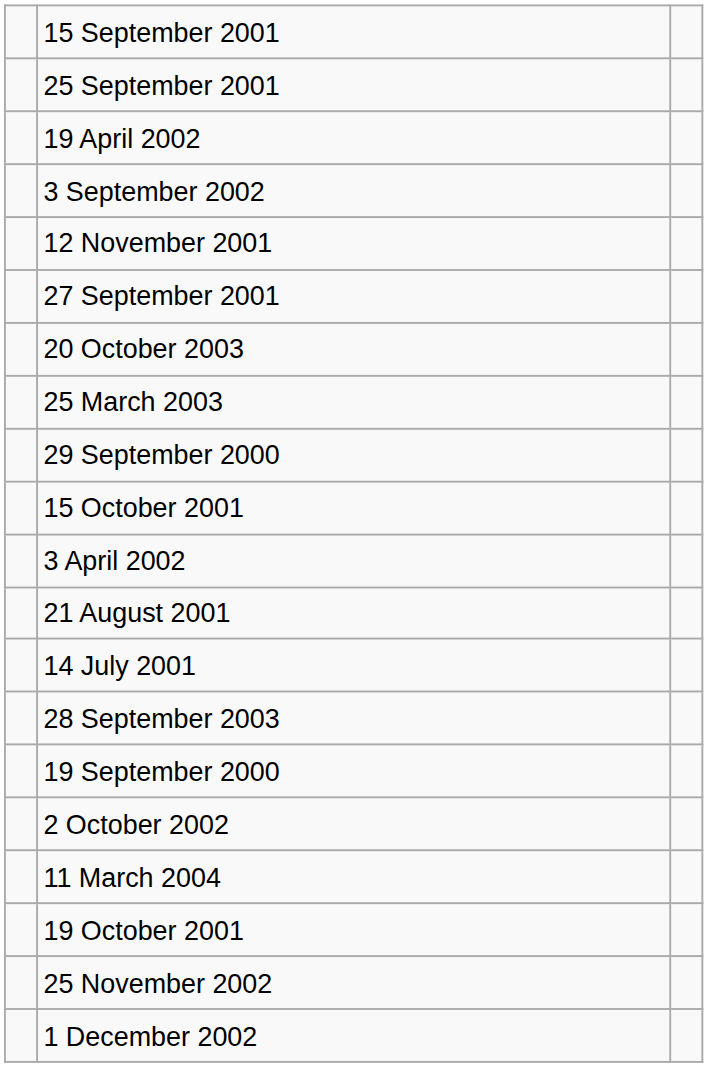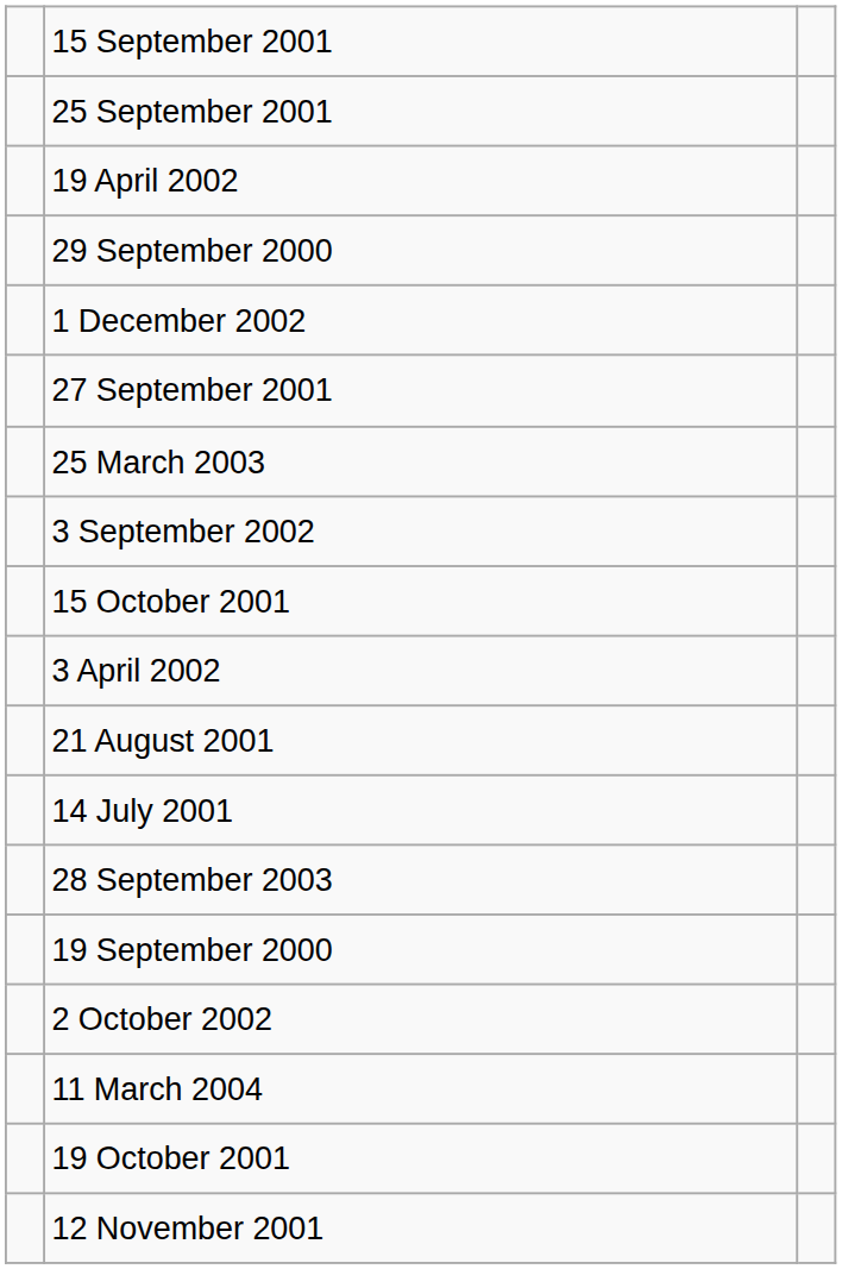 <table class="wikitable" style="font-size: 89%; float: left; width: 26em; margin-right: 1em; height: 560px;">
 <tr>
 <td></td>
 <td>15 September 2001</td>
 <td></td>
 </tr>
 <tr>
 <td></td>
 <td>25 September 2001</td>
 <td></td>
 </tr>
 <tr>
 <td></td>
 <td>19 April 2002</td>
 <td></td>
 </tr>
 <tr>
 <td></td>
-<td>3 September 2002</td>
+<td>29 September 2000</td>
 <td></td>
 </tr>
 <tr>
 <td></td>
-<td>12 November 2001</td>
+<td>1 December 2002</td>
 <td></td>
 </tr>
 <tr>
 <td></td>
 <td>27 September 2001</td>
 <td></td>
 </tr>
 <tr>
 <td></td>
-<td>20 October 2003</td>
-<td></td>
-</tr>
-<tr>
-<td></td>
 <td>25 March 2003</td>
 <td></td>
 </tr>
 <tr>
 <td></td>
-<td>29 September 2000</td>
+<td>3 September 2002</td>
 <td></td>
 </tr>
 <tr>
 <td></td>
 <td>15 October 2001</td>
 <td></td>
 </tr>
 <tr>
 <td></td>
 <td>3 April 2002</td>
 <td></td>
 </tr>
 <tr>
 <td></td>
 <td>21 August 2001</td>
 <td></td>
 </tr>
 <tr>
 <td></td>
 <td>14 July 2001</td>
 <td></td>
 </tr>
 <tr>
 <td></td>
 <td>28 September 2003</td>
 <td></td>
 </tr>
 <tr>
 <td></td>
 <td>19 September 2000</td>
 <td></td>
 </tr>
 <tr>
 <td></td>
 <td>2 October 2002</td>
 <td></td>
 </tr>
 <tr>
 <td></td>
 <td>11 March 2004</td>
 <td></td>
 </tr>
 <tr>
 <td></td>
 <td>19 October 2001</td>
 <td></td>
 </tr>
 <tr>
 <td></td>
-<td>25 November 2002</td>
-<td></td>
-</tr>
-<tr>
-<td></td>
-<td>1 December 2002</td>
+<td>12 November 2001</td>
 <td></td>
 </tr>
 </table>
